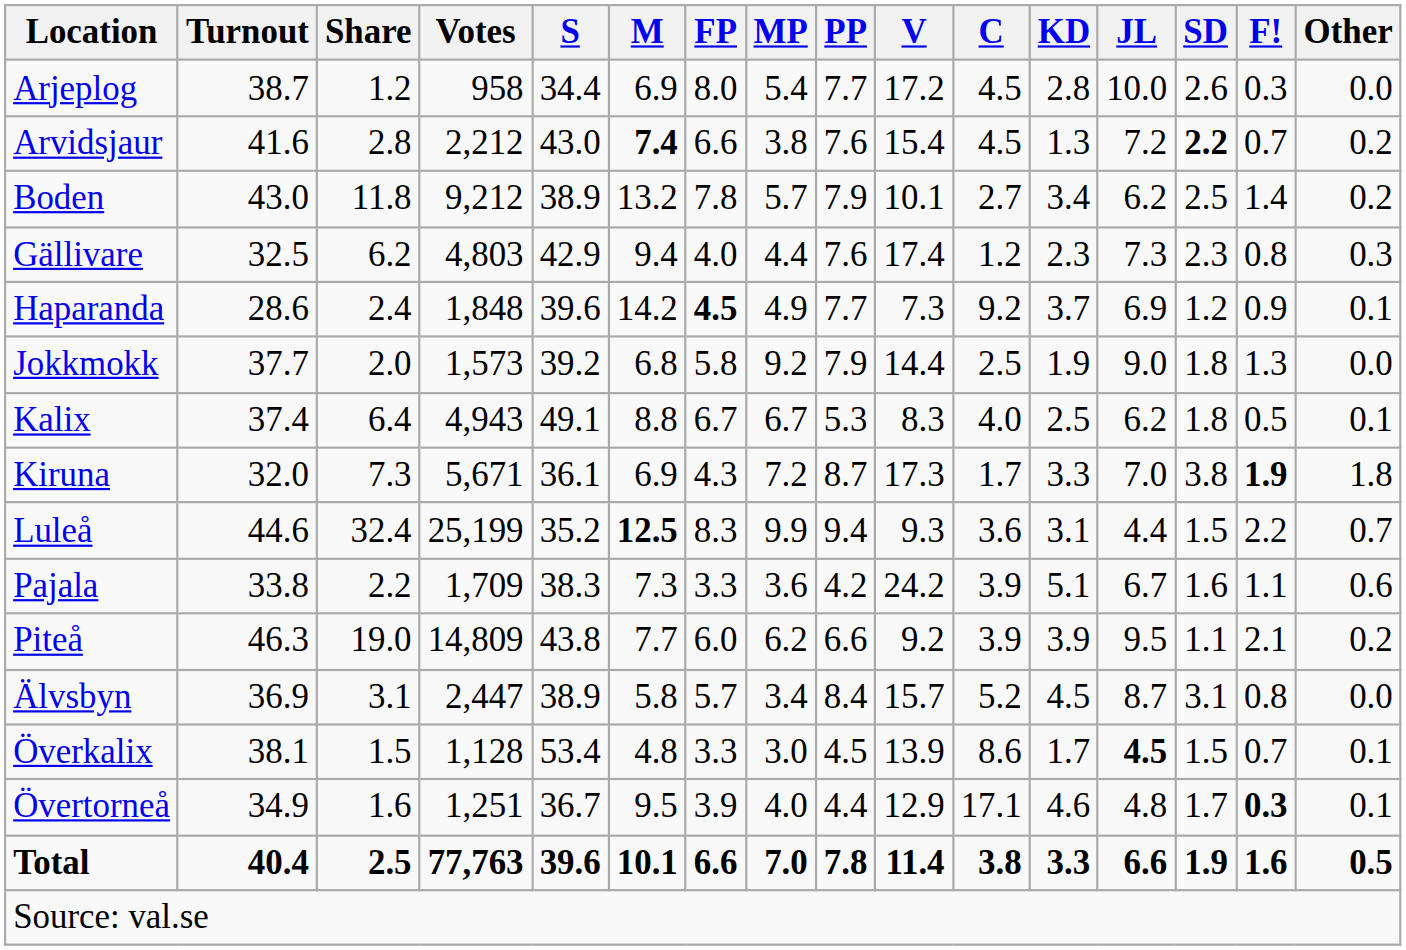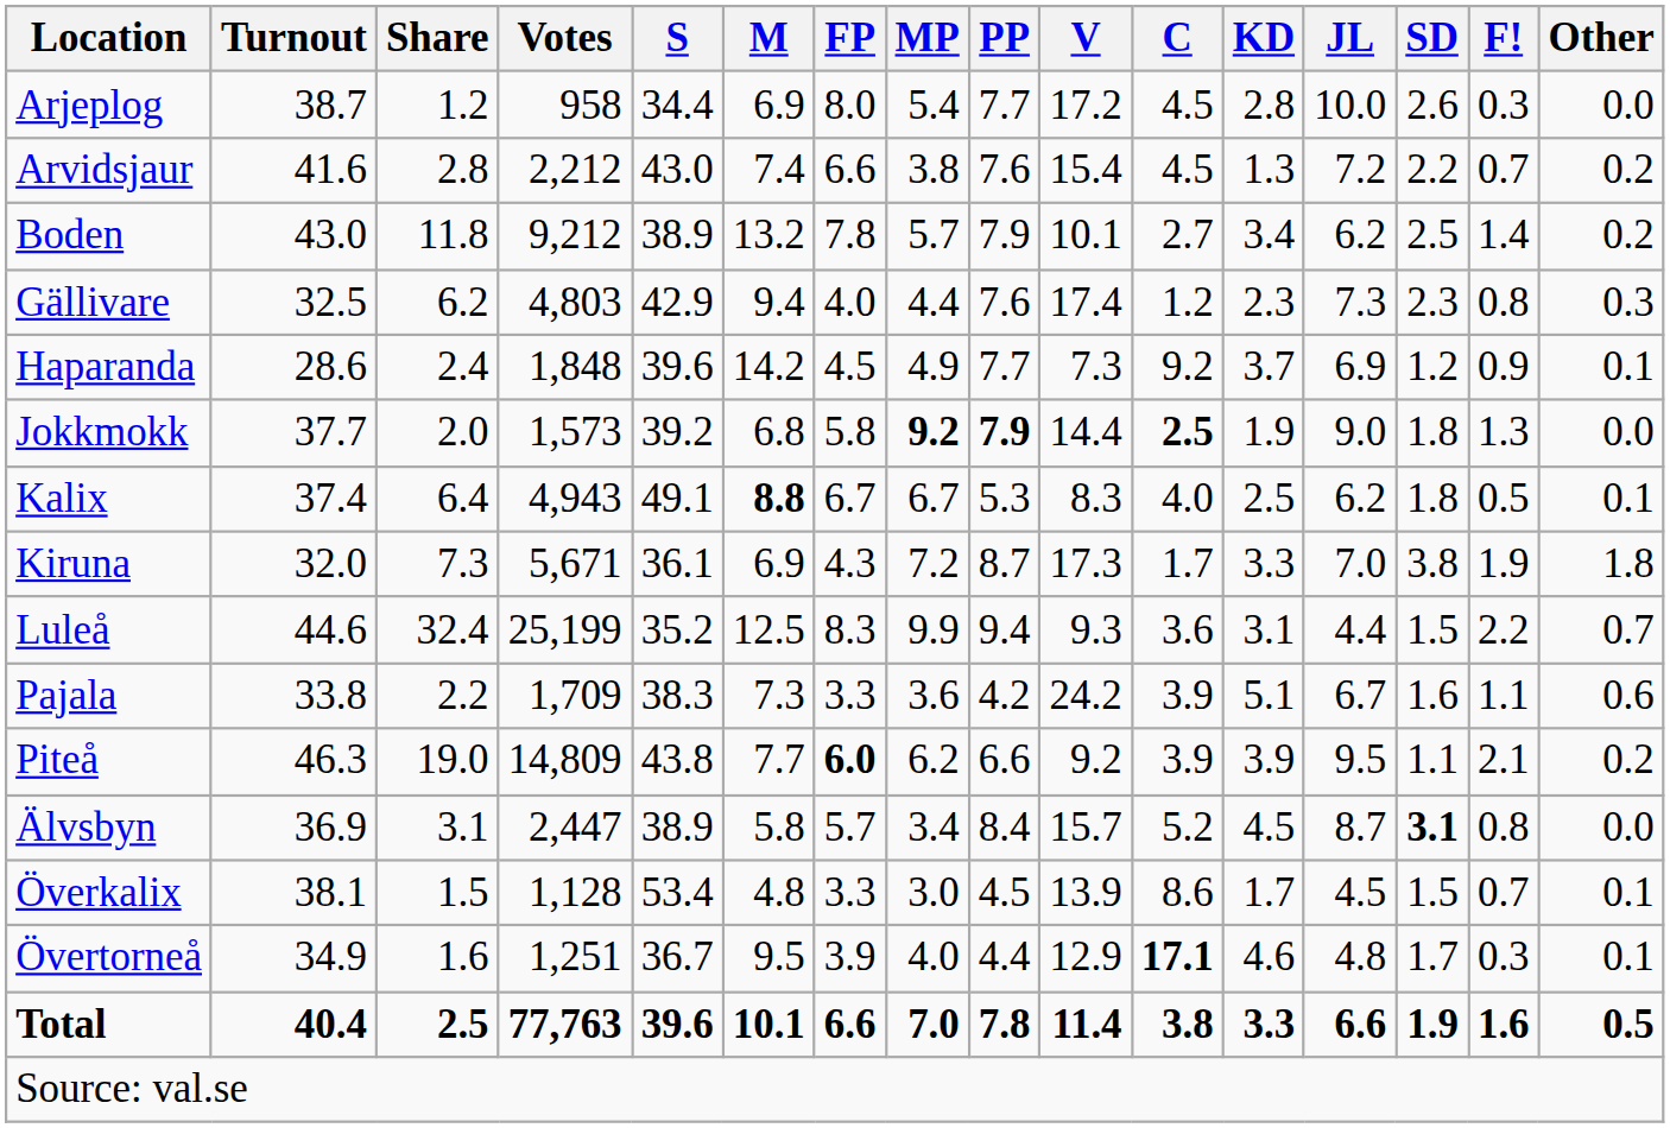 <table class="wikitable sortable" style=text-align:right>
 <tr>
 <th>Location</th>
 <th>Turnout</th>
 <th>Share</th>
 <th>Votes</th>
 <th><a href='#'>S</a></th>
 <th><a href='#'>M</a></th>
 <th><a href='#'>FP</a></th>
 <th><a href='#'>MP</a></th>
 <th><a href='#'>PP</a></th>
 <th><a href='#'>V</a></th>
 <th><a href='#'>C</a></th>
 <th><a href='#'>KD</a></th>
 <th><a href='#'>JL</a></th>
 <th><a href='#'>SD</a></th>
 <th><a href='#'>F!</a></th>
 <th>Other</th>
 </tr>
 <tr>
 <td align=left><a href='#'>Arjeplog</a></td>
 <td>38.7</td>
 <td>1.2</td>
 <td>958</td>
 <td>34.4</td>
 <td>6.9</td>
 <td>8.0</td>
 <td>5.4</td>
 <td>7.7</td>
 <td>17.2</td>
 <td>4.5</td>
 <td>2.8</td>
 <td>10.0</td>
 <td>2.6</td>
 <td>0.3</td>
 <td>0.0</td>
 </tr>
 <tr>
 <td align=left><a href='#'>Arvidsjaur</a></td>
 <td>41.6</td>
 <td>2.8</td>
 <td>2,212</td>
 <td>43.0</td>
-<td><strong>7.4</strong></td>
+<td>7.4</td>
 <td>6.6</td>
 <td>3.8</td>
 <td>7.6</td>
 <td>15.4</td>
 <td>4.5</td>
 <td>1.3</td>
 <td>7.2</td>
-<td><strong>2.2</strong></td>
+<td>2.2</td>
 <td>0.7</td>
 <td>0.2</td>
 </tr>
 <tr>
 <td align=left><a href='#'>Boden</a></td>
 <td>43.0</td>
 <td>11.8</td>
 <td>9,212</td>
 <td>38.9</td>
 <td>13.2</td>
 <td>7.8</td>
 <td>5.7</td>
 <td>7.9</td>
 <td>10.1</td>
 <td>2.7</td>
 <td>3.4</td>
 <td>6.2</td>
 <td>2.5</td>
 <td>1.4</td>
 <td>0.2</td>
 </tr>
 <tr>
 <td align=left><a href='#'>Gällivare</a></td>
 <td>32.5</td>
 <td>6.2</td>
 <td>4,803</td>
 <td>42.9</td>
 <td>9.4</td>
 <td>4.0</td>
 <td>4.4</td>
 <td>7.6</td>
 <td>17.4</td>
 <td>1.2</td>
 <td>2.3</td>
 <td>7.3</td>
 <td>2.3</td>
 <td>0.8</td>
 <td>0.3</td>
 </tr>
 <tr>
 <td align=left><a href='#'>Haparanda</a></td>
 <td>28.6</td>
 <td>2.4</td>
 <td>1,848</td>
 <td>39.6</td>
 <td>14.2</td>
-<td><strong>4.5</strong></td>
+<td>4.5</td>
 <td>4.9</td>
 <td>7.7</td>
 <td>7.3</td>
 <td>9.2</td>
 <td>3.7</td>
 <td>6.9</td>
 <td>1.2</td>
 <td>0.9</td>
 <td>0.1</td>
 </tr>
 <tr>
 <td align=left><a href='#'>Jokkmokk</a></td>
 <td>37.7</td>
 <td>2.0</td>
 <td>1,573</td>
 <td>39.2</td>
 <td>6.8</td>
 <td>5.8</td>
-<td>9.2</td>
-<td>7.9</td>
+<td><strong>9.2</strong></td>
+<td><strong>7.9</strong></td>
 <td>14.4</td>
-<td>2.5</td>
+<td><strong>2.5</strong></td>
 <td>1.9</td>
 <td>9.0</td>
 <td>1.8</td>
 <td>1.3</td>
 <td>0.0</td>
 </tr>
 <tr>
 <td align=left><a href='#'>Kalix</a></td>
 <td>37.4</td>
 <td>6.4</td>
 <td>4,943</td>
 <td>49.1</td>
-<td>8.8</td>
+<td><strong>8.8</strong></td>
 <td>6.7</td>
 <td>6.7</td>
 <td>5.3</td>
 <td>8.3</td>
 <td>4.0</td>
 <td>2.5</td>
 <td>6.2</td>
 <td>1.8</td>
 <td>0.5</td>
 <td>0.1</td>
 </tr>
 <tr>
 <td align=left><a href='#'>Kiruna</a></td>
 <td>32.0</td>
 <td>7.3</td>
 <td>5,671</td>
 <td>36.1</td>
 <td>6.9</td>
 <td>4.3</td>
 <td>7.2</td>
 <td>8.7</td>
 <td>17.3</td>
 <td>1.7</td>
 <td>3.3</td>
 <td>7.0</td>
 <td>3.8</td>
-<td><strong>1.9</strong></td>
+<td>1.9</td>
 <td>1.8</td>
 </tr>
 <tr>
 <td align=left><a href='#'>Luleå</a></td>
 <td>44.6</td>
 <td>32.4</td>
 <td>25,199</td>
 <td>35.2</td>
-<td><strong>12.5</strong></td>
+<td>12.5</td>
 <td>8.3</td>
 <td>9.9</td>
 <td>9.4</td>
 <td>9.3</td>
 <td>3.6</td>
 <td>3.1</td>
 <td>4.4</td>
 <td>1.5</td>
 <td>2.2</td>
 <td>0.7</td>
 </tr>
 <tr>
 <td align=left><a href='#'>Pajala</a></td>
 <td>33.8</td>
 <td>2.2</td>
 <td>1,709</td>
 <td>38.3</td>
 <td>7.3</td>
 <td>3.3</td>
 <td>3.6</td>
 <td>4.2</td>
 <td>24.2</td>
 <td>3.9</td>
 <td>5.1</td>
 <td>6.7</td>
 <td>1.6</td>
 <td>1.1</td>
 <td>0.6</td>
 </tr>
 <tr>
 <td align=left><a href='#'>Piteå</a></td>
 <td>46.3</td>
 <td>19.0</td>
 <td>14,809</td>
 <td>43.8</td>
 <td>7.7</td>
-<td>6.0</td>
+<td><strong>6.0</strong></td>
 <td>6.2</td>
 <td>6.6</td>
 <td>9.2</td>
 <td>3.9</td>
 <td>3.9</td>
 <td>9.5</td>
 <td>1.1</td>
 <td>2.1</td>
 <td>0.2</td>
 </tr>
 <tr>
 <td align=left><a href='#'>Älvsbyn</a></td>
 <td>36.9</td>
 <td>3.1</td>
 <td>2,447</td>
 <td>38.9</td>
 <td>5.8</td>
 <td>5.7</td>
 <td>3.4</td>
 <td>8.4</td>
 <td>15.7</td>
 <td>5.2</td>
 <td>4.5</td>
 <td>8.7</td>
-<td>3.1</td>
+<td><strong>3.1</strong></td>
 <td>0.8</td>
 <td>0.0</td>
 </tr>
 <tr>
 <td align=left><a href='#'>Överkalix</a></td>
 <td>38.1</td>
 <td>1.5</td>
 <td>1,128</td>
 <td>53.4</td>
 <td>4.8</td>
 <td>3.3</td>
 <td>3.0</td>
 <td>4.5</td>
 <td>13.9</td>
 <td>8.6</td>
 <td>1.7</td>
-<td><strong>4.5</strong></td>
+<td>4.5</td>
 <td>1.5</td>
 <td>0.7</td>
 <td>0.1</td>
 </tr>
 <tr>
 <td align=left><a href='#'>Övertorneå</a></td>
 <td>34.9</td>
 <td>1.6</td>
 <td>1,251</td>
 <td>36.7</td>
 <td>9.5</td>
 <td>3.9</td>
 <td>4.0</td>
 <td>4.4</td>
 <td>12.9</td>
-<td>17.1</td>
+<td><strong>17.1</strong></td>
 <td>4.6</td>
 <td>4.8</td>
 <td>1.7</td>
-<td><strong>0.3</strong></td>
+<td>0.3</td>
 <td>0.1</td>
 </tr>
 <tr>
 <td align=left><strong>Total</strong></td>
 <td><strong>40.4</strong></td>
 <td><strong>2.5</strong></td>
 <td><strong>77,763</strong></td>
 <td><strong>39.6</strong></td>
 <td><strong>10.1</strong></td>
 <td><strong>6.6</strong></td>
 <td><strong>7.0</strong></td>
 <td><strong>7.8</strong></td>
 <td><strong>11.4</strong></td>
 <td><strong>3.8</strong></td>
 <td><strong>3.3</strong></td>
 <td><strong>6.6</strong></td>
 <td><strong>1.9</strong></td>
 <td><strong>1.6</strong></td>
 <td><strong>0.5</strong></td>
 </tr>
 <tr>
 <td align=left colspan=16>Source: val.se </td>
 </tr>
 </table>
